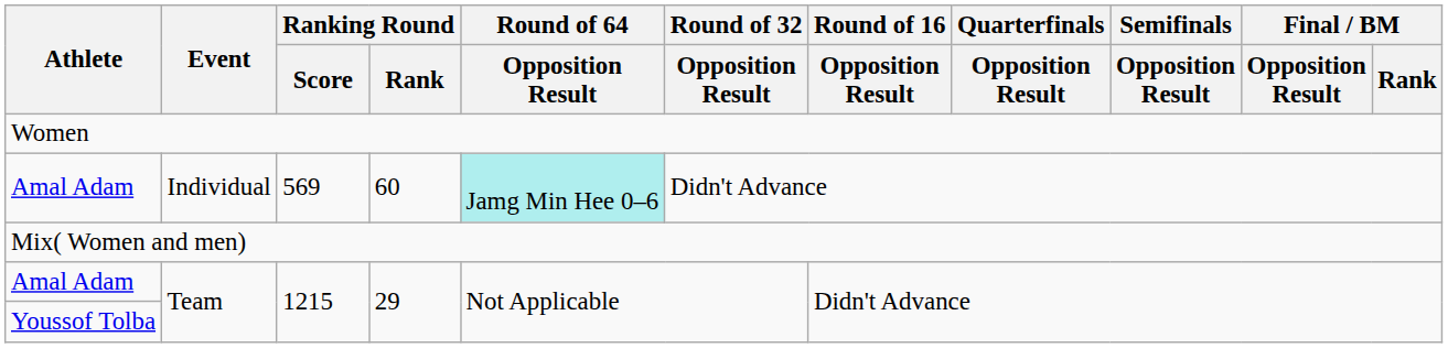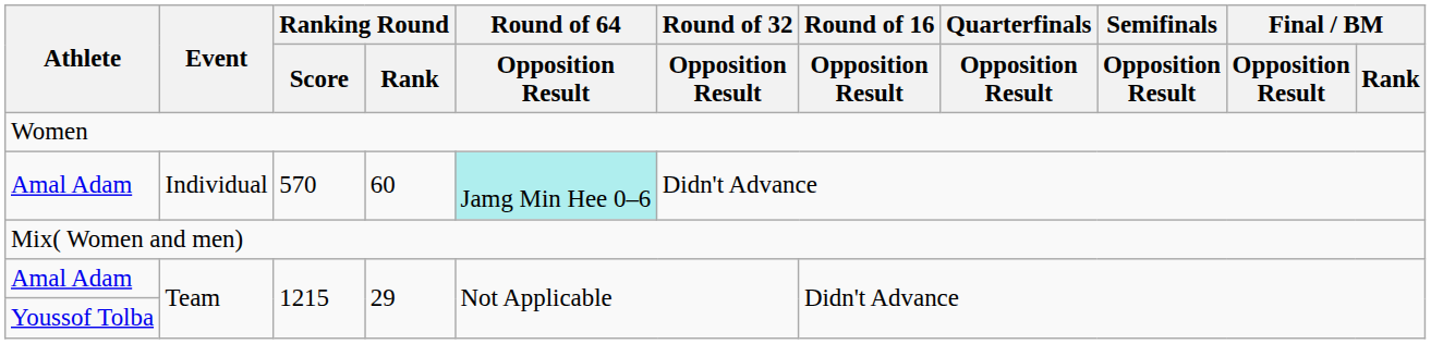 <table class="wikitable">
 <tr>
 <th rowspan="2">Athlete</th>
 <th rowspan="2">Event</th>
 <th colspan="2">Ranking Round</th>
 <th>Round of 64</th>
 <th>Round of 32</th>
 <th>Round of 16</th>
 <th>Quarterfinals</th>
 <th>Semifinals</th>
 <th colspan="2">Final / <abbr>BM</abbr></th>
 </tr>
 <tr>
 <th>Score</th>
 <th>Rank</th>
 <th>Opposition<br>Result</th>
 <th>Opposition<br>Result</th>
 <th>Opposition<br>Result</th>
 <th>Opposition<br>Result</th>
 <th>Opposition<br>Result</th>
 <th>Opposition<br>Result</th>
 <th>Rank</th>
 </tr>
 <tr>
 <td colspan="11">Women</td>
 </tr>
 <tr>
 <td><a href='#'>Amal Adam</a></td>
 <td>Individual</td>
-<td>569</td>
+<td>570</td>
 <td>60</td>
 <td style="background: paleturquoise;"><br>Jamg Min Hee 0–6</td>
 <td colspan="6">Didn't Advance</td>
 </tr>
 <tr>
 <td colspan="11">Mix( Women and men)</td>
 </tr>
 <tr>
 <td><a href='#'>Amal Adam</a></td>
 <td rowspan="2">Team</td>
 <td rowspan="2">1215</td>
 <td rowspan="2">29</td>
 <td colspan="2" rowspan="2">Not Applicable</td>
 <td colspan="5" rowspan="2">Didn't Advance</td>
 </tr>
 <tr>
 <td><a href='#'>Youssof Tolba</a></td>
 </tr>
 </table>
